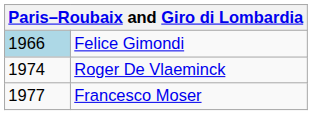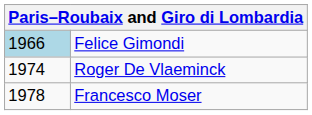 <table class="wikitable">
 <tr>
 <th colspan=2><a href='#'>Paris–Roubaix</a> and <a href='#'>Giro di Lombardia</a></th>
 </tr>
 <tr>
 <td style="background: lightblue;">1966</td>
 <td> <a href='#'>Felice Gimondi</a></td>
 </tr>
 <tr>
 <td>1974</td>
 <td> <a href='#'>Roger De Vlaeminck</a></td>
 </tr>
 <tr>
-<td>1977</td>
+<td>1978</td>
 <td> <a href='#'>Francesco Moser</a></td>
 </tr>
 </table>
